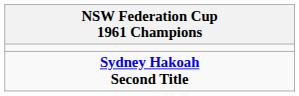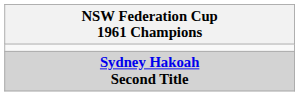 <table class="wikitable" style="text-align: center; margin: 0 auto; width: 20%">
 <tr>
 <th>NSW Federation Cup<br>1961 Champions</th>
 </tr>
 <tr>
 <td></td>
 </tr>
 <tr>
-<td><strong><a href='#'>Sydney Hakoah</a></strong><br><strong>Second Title</strong></td>
+<td style="background: lightgrey;"><strong><a href='#'>Sydney Hakoah</a></strong><br><strong>Second Title</strong></td>
 </tr>
 </table>
